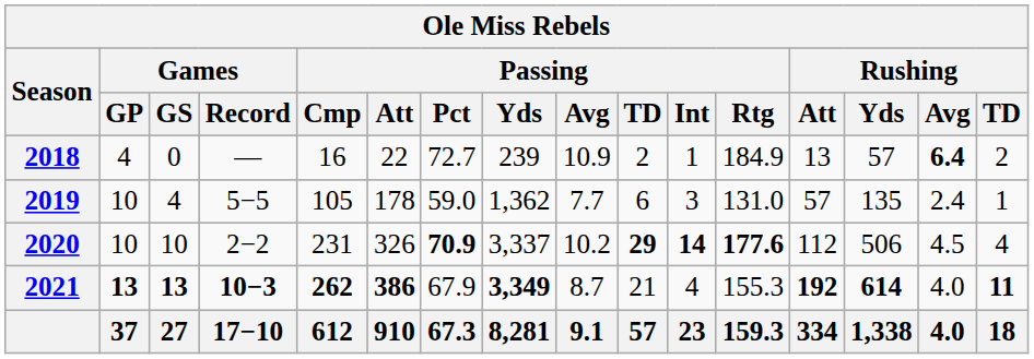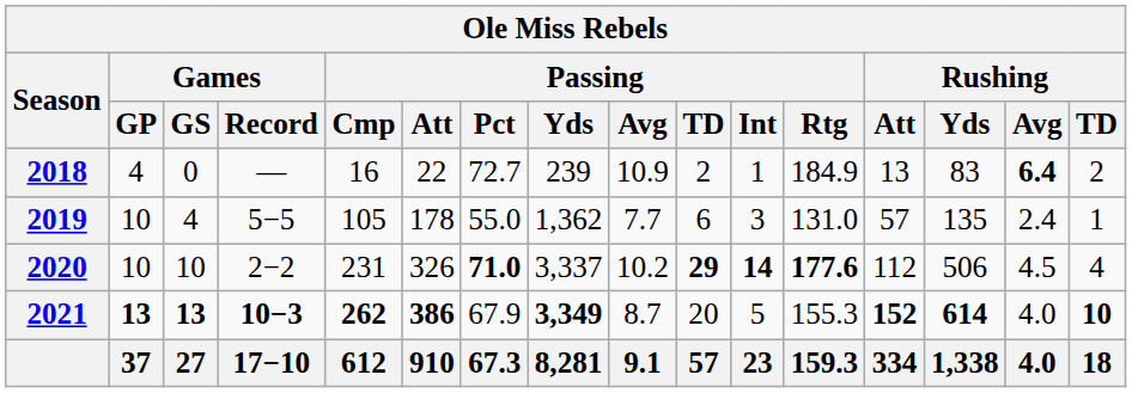 <table class="wikitable" style="text-align:center;">
 <tr>
 <th colspan="16">Ole Miss Rebels</th>
 </tr>
 <tr>
 <th rowspan="2">Season</th>
 <th colspan="3">Games</th>
 <th colspan="8">Passing</th>
 <th colspan="5">Rushing</th>
 </tr>
 <tr>
 <th>GP</th>
 <th>GS</th>
 <th>Record</th>
 <th>Cmp</th>
 <th>Att</th>
 <th>Pct</th>
 <th>Yds</th>
 <th>Avg</th>
 <th>TD</th>
 <th>Int</th>
 <th>Rtg</th>
 <th>Att</th>
 <th>Yds</th>
 <th>Avg</th>
 <th>TD</th>
 </tr>
 <tr>
 <th><a href='#'>2018</a></th>
 <td>4</td>
 <td>0</td>
 <td>—</td>
 <td>16</td>
 <td>22</td>
 <td>72.7</td>
 <td>239</td>
 <td>10.9</td>
 <td>2</td>
 <td>1</td>
 <td>184.9</td>
 <td>13</td>
-<td>57</td>
+<td>83</td>
 <td><strong>6.4</strong></td>
 <td>2</td>
 </tr>
 <tr>
 <th><a href='#'>2019</a></th>
 <td>10</td>
 <td>4</td>
 <td>5−5</td>
 <td>105</td>
 <td>178</td>
-<td>59.0</td>
+<td>55.0</td>
 <td>1,362</td>
 <td>7.7</td>
 <td>6</td>
 <td>3</td>
 <td>131.0</td>
 <td>57</td>
 <td>135</td>
 <td>2.4</td>
 <td>1</td>
 </tr>
 <tr>
 <th><a href='#'>2020</a></th>
 <td>10</td>
 <td>10</td>
 <td>2−2</td>
 <td>231</td>
 <td>326</td>
-<td><strong>70.9</strong></td>
+<td><strong>71.0</strong></td>
 <td>3,337</td>
 <td>10.2</td>
 <td><strong>29</strong></td>
 <td><strong>14</strong></td>
 <td><strong>177.6</strong></td>
 <td>112</td>
 <td>506</td>
 <td>4.5</td>
 <td>4</td>
 </tr>
 <tr>
 <th><a href='#'>2021</a></th>
 <td><strong>13</strong></td>
 <td><strong>13</strong></td>
 <td><strong>10−3</strong></td>
 <td><strong>262</strong></td>
 <td><strong>386</strong></td>
 <td>67.9</td>
 <td><strong>3,349</strong></td>
 <td>8.7</td>
-<td>21</td>
-<td>4</td>
+<td>20</td>
+<td>5</td>
 <td>155.3</td>
-<td><strong>192</strong></td>
+<td><strong>152</strong></td>
 <td><strong>614</strong></td>
 <td>4.0</td>
-<td><strong>11</strong></td>
+<td><strong>10</strong></td>
 </tr>
 <tr>
 <th></th>
 <th>37</th>
 <th>27</th>
 <th>17−10</th>
 <th>612</th>
 <th>910</th>
 <th>67.3</th>
 <th>8,281</th>
 <th>9.1</th>
 <th>57</th>
 <th>23</th>
 <th>159.3</th>
 <th>334</th>
 <th>1,338</th>
 <th>4.0</th>
 <th>18</th>
 </tr>
 </table>
